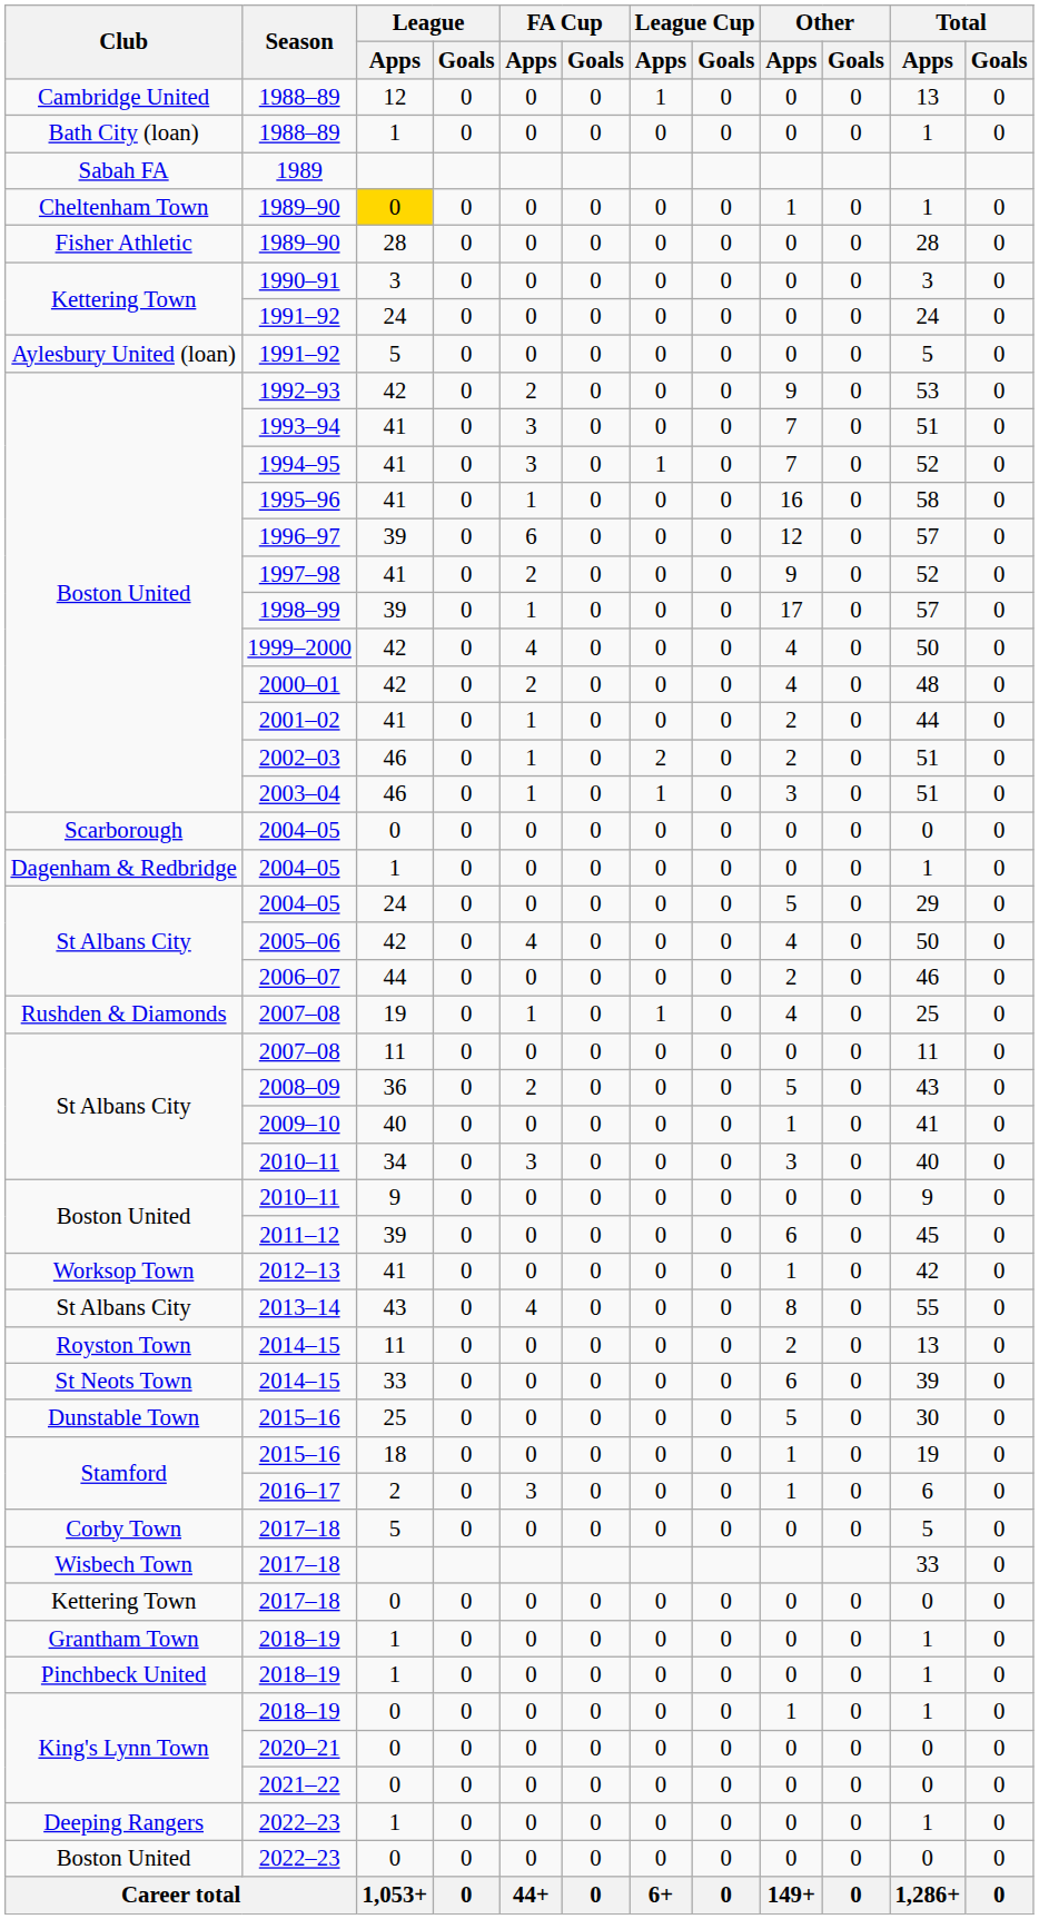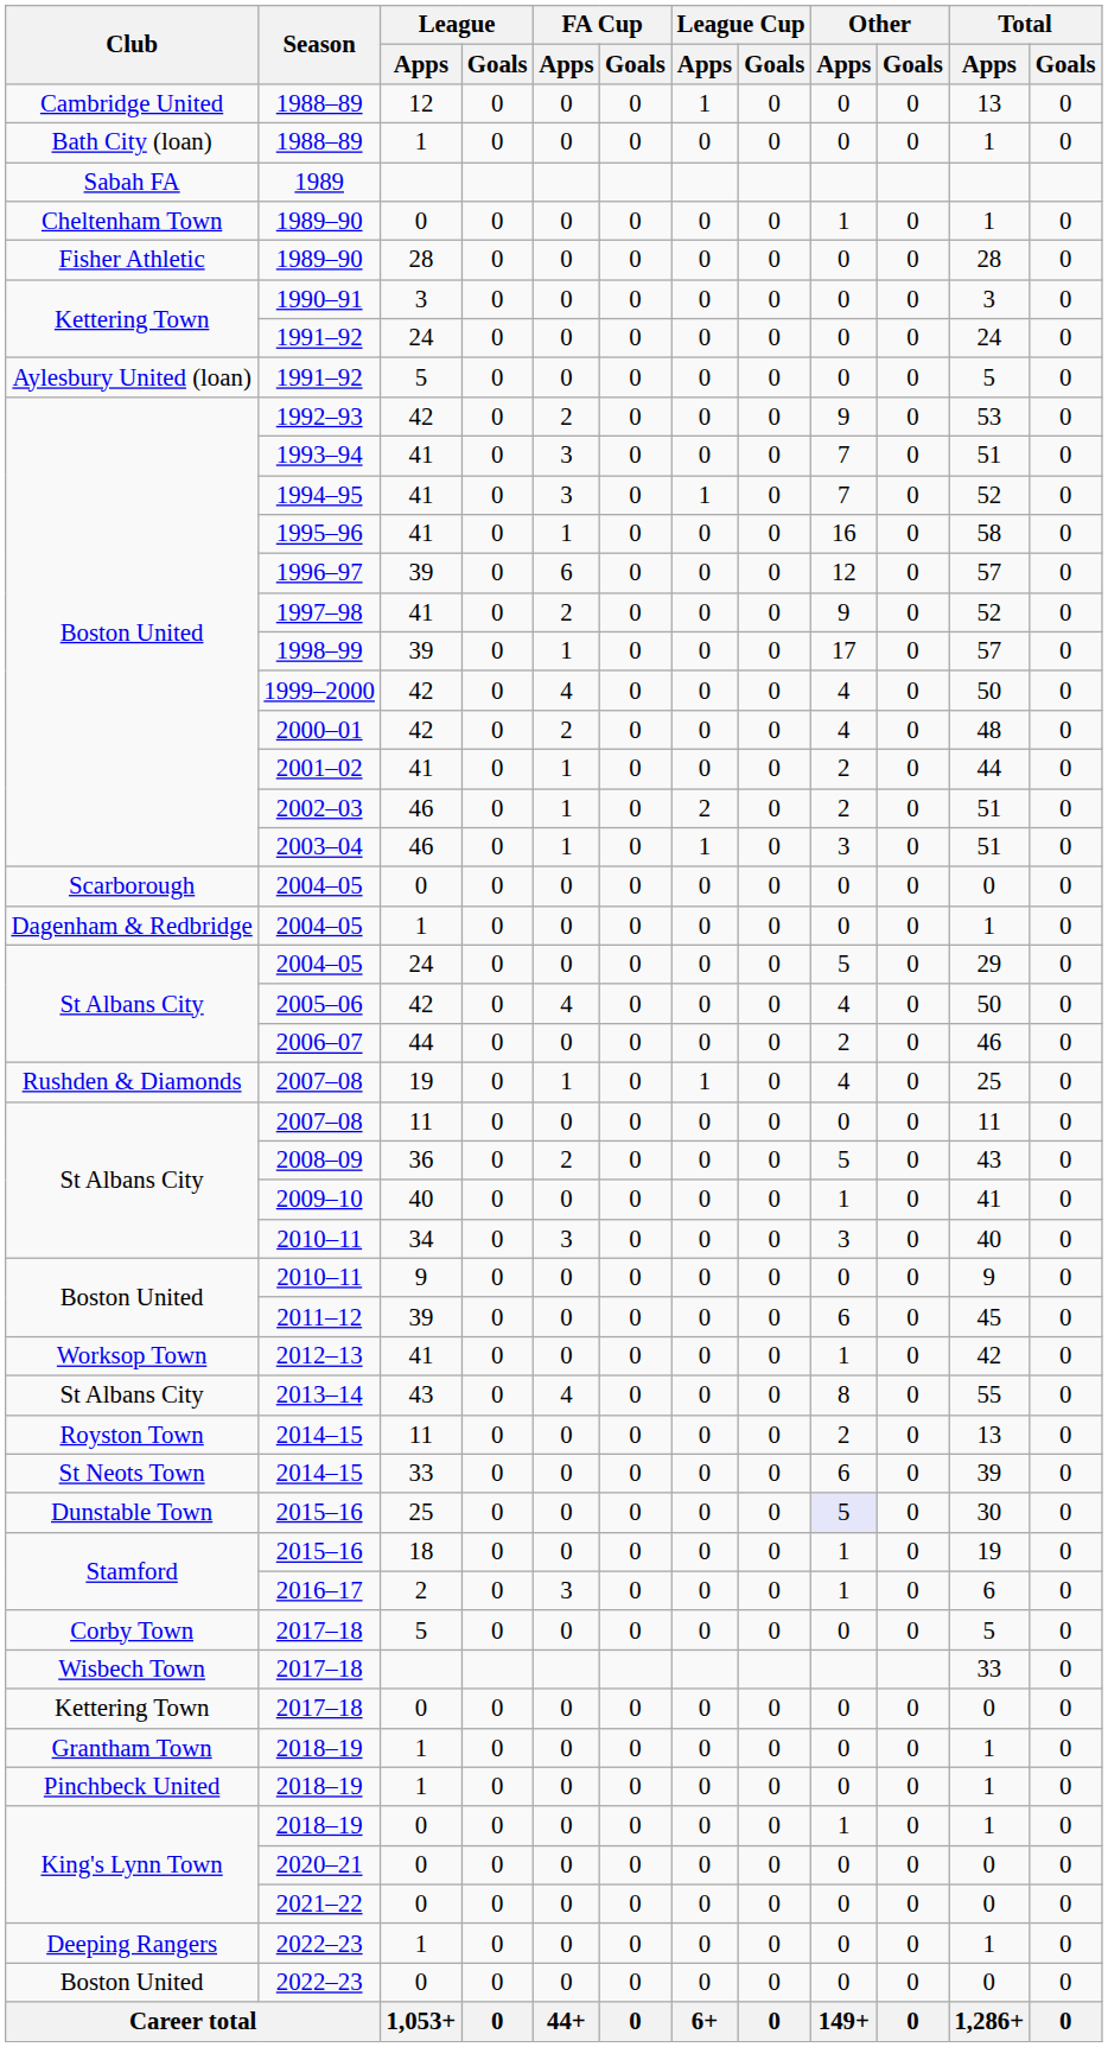 <table class="wikitable" style="text-align:center">
 <tr>
 <th rowspan="2">Club</th>
 <th rowspan="2">Season</th>
 <th colspan="2">League</th>
 <th colspan="2">FA Cup</th>
 <th colspan="2">League Cup</th>
 <th colspan="2">Other</th>
 <th colspan="2">Total</th>
 </tr>
 <tr>
 <th>Apps</th>
 <th>Goals</th>
 <th>Apps</th>
 <th>Goals</th>
 <th>Apps</th>
 <th>Goals</th>
 <th>Apps</th>
 <th>Goals</th>
 <th>Apps</th>
 <th>Goals</th>
 </tr>
 <tr>
 <td><a href='#'>Cambridge United</a></td>
 <td><a href='#'>1988–89</a></td>
 <td>12</td>
 <td>0</td>
 <td>0</td>
 <td>0</td>
 <td>1</td>
 <td>0</td>
 <td>0</td>
 <td>0</td>
 <td>13</td>
 <td>0</td>
 </tr>
 <tr>
 <td><a href='#'>Bath City</a> (loan)</td>
 <td><a href='#'>1988–89</a></td>
 <td>1</td>
 <td>0</td>
 <td>0</td>
 <td>0</td>
 <td>0</td>
 <td>0</td>
 <td>0</td>
 <td>0</td>
 <td>1</td>
 <td>0</td>
 </tr>
 <tr>
 <td><a href='#'>Sabah FA</a></td>
 <td><a href='#'>1989</a></td>
 <td></td>
 <td></td>
 <td></td>
 <td></td>
 <td></td>
 <td></td>
 <td></td>
 <td></td>
 <td></td>
 <td></td>
 </tr>
 <tr>
 <td><a href='#'>Cheltenham Town</a></td>
 <td><a href='#'>1989–90</a></td>
-<td style="background: gold;">0</td>
+<td>0</td>
 <td>0</td>
 <td>0</td>
 <td>0</td>
 <td>0</td>
 <td>0</td>
 <td>1</td>
 <td>0</td>
 <td>1</td>
 <td>0</td>
 </tr>
 <tr>
 <td><a href='#'>Fisher Athletic</a></td>
 <td><a href='#'>1989–90</a></td>
 <td>28</td>
 <td>0</td>
 <td>0</td>
 <td>0</td>
 <td>0</td>
 <td>0</td>
 <td>0</td>
 <td>0</td>
 <td>28</td>
 <td>0</td>
 </tr>
 <tr>
 <td rowspan="2"><a href='#'>Kettering Town</a></td>
 <td><a href='#'>1990–91</a></td>
 <td>3</td>
 <td>0</td>
 <td>0</td>
 <td>0</td>
 <td>0</td>
 <td>0</td>
 <td>0</td>
 <td>0</td>
 <td>3</td>
 <td>0</td>
 </tr>
 <tr>
 <td><a href='#'>1991–92</a></td>
 <td>24</td>
 <td>0</td>
 <td>0</td>
 <td>0</td>
 <td>0</td>
 <td>0</td>
 <td>0</td>
 <td>0</td>
 <td>24</td>
 <td>0</td>
 </tr>
 <tr>
 <td><a href='#'>Aylesbury United</a> (loan)</td>
 <td><a href='#'>1991–92</a></td>
 <td>5</td>
 <td>0</td>
 <td>0</td>
 <td>0</td>
 <td>0</td>
 <td>0</td>
 <td>0</td>
 <td>0</td>
 <td>5</td>
 <td>0</td>
 </tr>
 <tr>
 <td rowspan="12"><a href='#'>Boston United</a></td>
 <td><a href='#'>1992–93</a></td>
 <td>42</td>
 <td>0</td>
 <td>2</td>
 <td>0</td>
 <td>0</td>
 <td>0</td>
 <td>9</td>
 <td>0</td>
 <td>53</td>
 <td>0</td>
 </tr>
 <tr>
 <td><a href='#'>1993–94</a></td>
 <td>41</td>
 <td>0</td>
 <td>3</td>
 <td>0</td>
 <td>0</td>
 <td>0</td>
 <td>7</td>
 <td>0</td>
 <td>51</td>
 <td>0</td>
 </tr>
 <tr>
 <td><a href='#'>1994–95</a></td>
 <td>41</td>
 <td>0</td>
 <td>3</td>
 <td>0</td>
 <td>1</td>
 <td>0</td>
 <td>7</td>
 <td>0</td>
 <td>52</td>
 <td>0</td>
 </tr>
 <tr>
 <td><a href='#'>1995–96</a></td>
 <td>41</td>
 <td>0</td>
 <td>1</td>
 <td>0</td>
 <td>0</td>
 <td>0</td>
 <td>16</td>
 <td>0</td>
 <td>58</td>
 <td>0</td>
 </tr>
 <tr>
 <td><a href='#'>1996–97</a></td>
 <td>39</td>
 <td>0</td>
 <td>6</td>
 <td>0</td>
 <td>0</td>
 <td>0</td>
 <td>12</td>
 <td>0</td>
 <td>57</td>
 <td>0</td>
 </tr>
 <tr>
 <td><a href='#'>1997–98</a></td>
 <td>41</td>
 <td>0</td>
 <td>2</td>
 <td>0</td>
 <td>0</td>
 <td>0</td>
 <td>9</td>
 <td>0</td>
 <td>52</td>
 <td>0</td>
 </tr>
 <tr>
 <td><a href='#'>1998–99</a></td>
 <td>39</td>
 <td>0</td>
 <td>1</td>
 <td>0</td>
 <td>0</td>
 <td>0</td>
 <td>17</td>
 <td>0</td>
 <td>57</td>
 <td>0</td>
 </tr>
 <tr>
 <td><a href='#'>1999–2000</a></td>
 <td>42</td>
 <td>0</td>
 <td>4</td>
 <td>0</td>
 <td>0</td>
 <td>0</td>
 <td>4</td>
 <td>0</td>
 <td>50</td>
 <td>0</td>
 </tr>
 <tr>
 <td><a href='#'>2000–01</a></td>
 <td>42</td>
 <td>0</td>
 <td>2</td>
 <td>0</td>
 <td>0</td>
 <td>0</td>
 <td>4</td>
 <td>0</td>
 <td>48</td>
 <td>0</td>
 </tr>
 <tr>
 <td><a href='#'>2001–02</a></td>
 <td>41</td>
 <td>0</td>
 <td>1</td>
 <td>0</td>
 <td>0</td>
 <td>0</td>
 <td>2</td>
 <td>0</td>
 <td>44</td>
 <td>0</td>
 </tr>
 <tr>
 <td><a href='#'>2002–03</a></td>
 <td>46</td>
 <td>0</td>
 <td>1</td>
 <td>0</td>
 <td>2</td>
 <td>0</td>
 <td>2</td>
 <td>0</td>
 <td>51</td>
 <td>0</td>
 </tr>
 <tr>
 <td><a href='#'>2003–04</a></td>
 <td>46</td>
 <td>0</td>
 <td>1</td>
 <td>0</td>
 <td>1</td>
 <td>0</td>
 <td>3</td>
 <td>0</td>
 <td>51</td>
 <td>0</td>
 </tr>
 <tr>
 <td><a href='#'>Scarborough</a></td>
 <td><a href='#'>2004–05</a></td>
 <td>0</td>
 <td>0</td>
 <td>0</td>
 <td>0</td>
 <td>0</td>
 <td>0</td>
 <td>0</td>
 <td>0</td>
 <td>0</td>
 <td>0</td>
 </tr>
 <tr>
 <td><a href='#'>Dagenham & Redbridge</a></td>
 <td><a href='#'>2004–05</a></td>
 <td>1</td>
 <td>0</td>
 <td>0</td>
 <td>0</td>
 <td>0</td>
 <td>0</td>
 <td>0</td>
 <td>0</td>
 <td>1</td>
 <td>0</td>
 </tr>
 <tr>
 <td rowspan="3"><a href='#'>St Albans City</a></td>
 <td><a href='#'>2004–05</a></td>
 <td>24</td>
 <td>0</td>
 <td>0</td>
 <td>0</td>
 <td>0</td>
 <td>0</td>
 <td>5</td>
 <td>0</td>
 <td>29</td>
 <td>0</td>
 </tr>
 <tr>
 <td><a href='#'>2005–06</a></td>
 <td>42</td>
 <td>0</td>
 <td>4</td>
 <td>0</td>
 <td>0</td>
 <td>0</td>
 <td>4</td>
 <td>0</td>
 <td>50</td>
 <td>0</td>
 </tr>
 <tr>
 <td><a href='#'>2006–07</a></td>
 <td>44</td>
 <td>0</td>
 <td>0</td>
 <td>0</td>
 <td>0</td>
 <td>0</td>
 <td>2</td>
 <td>0</td>
 <td>46</td>
 <td>0</td>
 </tr>
 <tr>
 <td><a href='#'>Rushden & Diamonds</a></td>
 <td><a href='#'>2007–08</a></td>
 <td>19</td>
 <td>0</td>
 <td>1</td>
 <td>0</td>
 <td>1</td>
 <td>0</td>
 <td>4</td>
 <td>0</td>
 <td>25</td>
 <td>0</td>
 </tr>
 <tr>
 <td rowspan="4">St Albans City</td>
 <td><a href='#'>2007–08</a></td>
 <td>11</td>
 <td>0</td>
 <td>0</td>
 <td>0</td>
 <td>0</td>
 <td>0</td>
 <td>0</td>
 <td>0</td>
 <td>11</td>
 <td>0</td>
 </tr>
 <tr>
 <td><a href='#'>2008–09</a></td>
 <td>36</td>
 <td>0</td>
 <td>2</td>
 <td>0</td>
 <td>0</td>
 <td>0</td>
 <td>5</td>
 <td>0</td>
 <td>43</td>
 <td>0</td>
 </tr>
 <tr>
 <td><a href='#'>2009–10</a></td>
 <td>40</td>
 <td>0</td>
 <td>0</td>
 <td>0</td>
 <td>0</td>
 <td>0</td>
 <td>1</td>
 <td>0</td>
 <td>41</td>
 <td>0</td>
 </tr>
 <tr>
 <td><a href='#'>2010–11</a></td>
 <td>34</td>
 <td>0</td>
 <td>3</td>
 <td>0</td>
 <td>0</td>
 <td>0</td>
 <td>3</td>
 <td>0</td>
 <td>40</td>
 <td>0</td>
 </tr>
 <tr>
 <td rowspan="2">Boston United</td>
 <td><a href='#'>2010–11</a></td>
 <td>9</td>
 <td>0</td>
 <td>0</td>
 <td>0</td>
 <td>0</td>
 <td>0</td>
 <td>0</td>
 <td>0</td>
 <td>9</td>
 <td>0</td>
 </tr>
 <tr>
 <td><a href='#'>2011–12</a></td>
 <td>39</td>
 <td>0</td>
 <td>0</td>
 <td>0</td>
 <td>0</td>
 <td>0</td>
 <td>6</td>
 <td>0</td>
 <td>45</td>
 <td>0</td>
 </tr>
 <tr>
 <td><a href='#'>Worksop Town</a></td>
 <td><a href='#'>2012–13</a></td>
 <td>41</td>
 <td>0</td>
 <td>0</td>
 <td>0</td>
 <td>0</td>
 <td>0</td>
 <td>1</td>
 <td>0</td>
 <td>42</td>
 <td>0</td>
 </tr>
 <tr>
 <td>St Albans City</td>
 <td><a href='#'>2013–14</a></td>
 <td>43</td>
 <td>0</td>
 <td>4</td>
 <td>0</td>
 <td>0</td>
 <td>0</td>
 <td>8</td>
 <td>0</td>
 <td>55</td>
 <td>0</td>
 </tr>
 <tr>
 <td><a href='#'>Royston Town</a></td>
 <td><a href='#'>2014–15</a></td>
 <td>11</td>
 <td>0</td>
 <td>0</td>
 <td>0</td>
 <td>0</td>
 <td>0</td>
 <td>2</td>
 <td>0</td>
 <td>13</td>
 <td>0</td>
 </tr>
 <tr>
 <td><a href='#'>St Neots Town</a></td>
 <td><a href='#'>2014–15</a></td>
 <td>33</td>
 <td>0</td>
 <td>0</td>
 <td>0</td>
 <td>0</td>
 <td>0</td>
 <td>6</td>
 <td>0</td>
 <td>39</td>
 <td>0</td>
 </tr>
 <tr>
 <td><a href='#'>Dunstable Town</a></td>
 <td><a href='#'>2015–16</a></td>
 <td>25</td>
 <td>0</td>
 <td>0</td>
 <td>0</td>
 <td>0</td>
 <td>0</td>
-<td>5</td>
+<td style="background: lavender;">5</td>
 <td>0</td>
 <td>30</td>
 <td>0</td>
 </tr>
 <tr>
 <td rowspan="2"><a href='#'>Stamford</a></td>
 <td><a href='#'>2015–16</a></td>
 <td>18</td>
 <td>0</td>
 <td>0</td>
 <td>0</td>
 <td>0</td>
 <td>0</td>
 <td>1</td>
 <td>0</td>
 <td>19</td>
 <td>0</td>
 </tr>
 <tr>
 <td><a href='#'>2016–17</a></td>
 <td>2</td>
 <td>0</td>
 <td>3</td>
 <td>0</td>
 <td>0</td>
 <td>0</td>
 <td>1</td>
 <td>0</td>
 <td>6</td>
 <td>0</td>
 </tr>
 <tr>
 <td><a href='#'>Corby Town</a></td>
 <td><a href='#'>2017–18</a></td>
 <td>5</td>
 <td>0</td>
 <td>0</td>
 <td>0</td>
 <td>0</td>
 <td>0</td>
 <td>0</td>
 <td>0</td>
 <td>5</td>
 <td>0</td>
 </tr>
 <tr>
 <td><a href='#'>Wisbech Town</a></td>
 <td><a href='#'>2017–18</a></td>
 <td></td>
 <td></td>
 <td></td>
 <td></td>
 <td></td>
 <td></td>
 <td></td>
 <td></td>
 <td>33</td>
 <td>0</td>
 </tr>
 <tr>
 <td>Kettering Town</td>
 <td><a href='#'>2017–18</a></td>
 <td>0</td>
 <td>0</td>
 <td>0</td>
 <td>0</td>
 <td>0</td>
 <td>0</td>
 <td>0</td>
 <td>0</td>
 <td>0</td>
 <td>0</td>
 </tr>
 <tr>
 <td><a href='#'>Grantham Town</a></td>
 <td><a href='#'>2018–19</a></td>
 <td>1</td>
 <td>0</td>
 <td>0</td>
 <td>0</td>
 <td>0</td>
 <td>0</td>
 <td>0</td>
 <td>0</td>
 <td>1</td>
 <td>0</td>
 </tr>
 <tr>
 <td><a href='#'>Pinchbeck United</a></td>
 <td><a href='#'>2018–19</a></td>
 <td>1</td>
 <td>0</td>
 <td>0</td>
 <td>0</td>
 <td>0</td>
 <td>0</td>
 <td>0</td>
 <td>0</td>
 <td>1</td>
 <td>0</td>
 </tr>
 <tr>
 <td rowspan="3"><a href='#'>King's Lynn Town</a></td>
 <td><a href='#'>2018–19</a></td>
 <td>0</td>
 <td>0</td>
 <td>0</td>
 <td>0</td>
 <td>0</td>
 <td>0</td>
 <td>1</td>
 <td>0</td>
 <td>1</td>
 <td>0</td>
 </tr>
 <tr>
 <td><a href='#'>2020–21</a></td>
 <td>0</td>
 <td>0</td>
 <td>0</td>
 <td>0</td>
 <td>0</td>
 <td>0</td>
 <td>0</td>
 <td>0</td>
 <td>0</td>
 <td>0</td>
 </tr>
 <tr>
 <td><a href='#'>2021–22</a></td>
 <td>0</td>
 <td>0</td>
 <td>0</td>
 <td>0</td>
 <td>0</td>
 <td>0</td>
 <td>0</td>
 <td>0</td>
 <td>0</td>
 <td>0</td>
 </tr>
 <tr>
 <td><a href='#'>Deeping Rangers</a></td>
 <td><a href='#'>2022–23</a></td>
 <td>1</td>
 <td>0</td>
 <td>0</td>
 <td>0</td>
 <td>0</td>
 <td>0</td>
 <td>0</td>
 <td>0</td>
 <td>1</td>
 <td>0</td>
 </tr>
 <tr>
 <td>Boston United</td>
 <td><a href='#'>2022–23</a></td>
 <td>0</td>
 <td>0</td>
 <td>0</td>
 <td>0</td>
 <td>0</td>
 <td>0</td>
 <td>0</td>
 <td>0</td>
 <td>0</td>
 <td>0</td>
 </tr>
 <tr>
 <th colspan="2">Career total</th>
 <th>1,053+</th>
 <th>0</th>
 <th>44+</th>
 <th>0</th>
 <th>6+</th>
 <th>0</th>
 <th>149+</th>
 <th>0</th>
 <th>1,286+</th>
 <th>0</th>
 </tr>
 </table>
